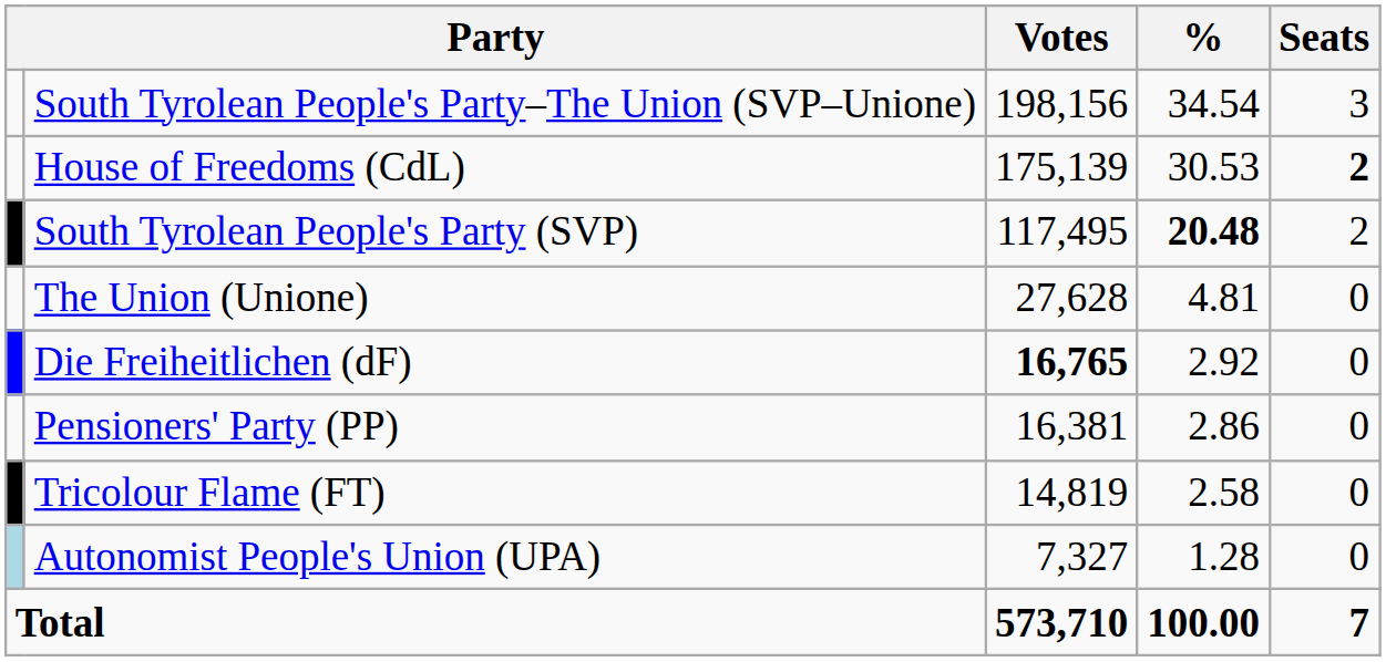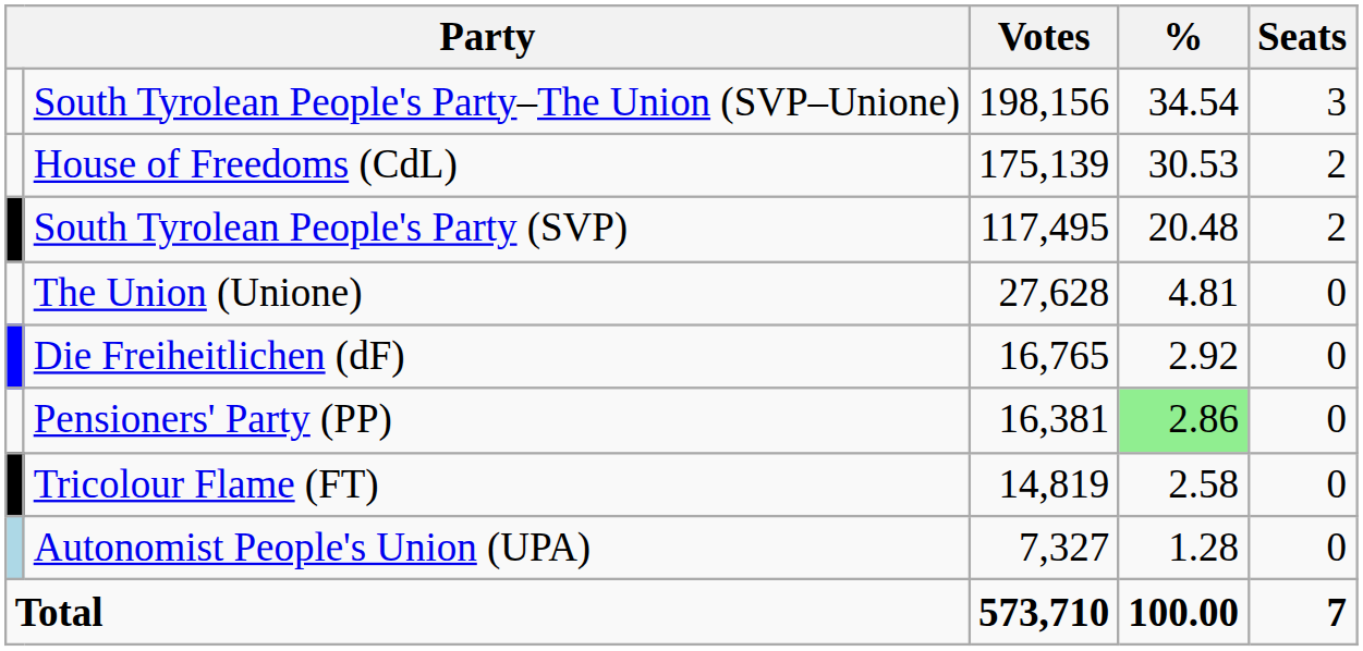 <table class=wikitable style="text-align:right">
 <tr>
 <th colspan=2>Party</th>
 <th>Votes</th>
 <th>%</th>
 <th>Seats</th>
 </tr>
 <tr>
 <td></td>
 <td align="left"><a href='#'>South Tyrolean People's Party</a>–<a href='#'>The Union</a> (SVP–Unione)</td>
 <td align="right">198,156</td>
 <td align="right">34.54</td>
 <td align="right">3</td>
 </tr>
 <tr>
 <td></td>
 <td align="left"><a href='#'>House of Freedoms</a> (CdL)</td>
 <td align="right">175,139</td>
 <td align="right">30.53</td>
-<td align="right"><strong>2</strong></td>
+<td align="right">2</td>
 </tr>
 <tr>
 <td bgcolor="black"></td>
 <td align="left"><a href='#'>South Tyrolean People's Party</a> (SVP)</td>
 <td align="right">117,495</td>
-<td align="right"><strong>20.48</strong></td>
+<td align="right">20.48</td>
 <td align="right">2</td>
 </tr>
 <tr>
 <td></td>
 <td align="left"><a href='#'>The Union</a> (Unione)</td>
 <td align="right">27,628</td>
 <td align="right">4.81</td>
 <td align="right">0</td>
 </tr>
 <tr>
 <td bgcolor="blue"></td>
 <td align="left"><a href='#'>Die Freiheitlichen</a> (dF)</td>
-<td align="right"><strong>16,765</strong></td>
+<td align="right">16,765</td>
 <td align="right">2.92</td>
 <td align="right">0</td>
 </tr>
 <tr>
 <td></td>
 <td align="left"><a href='#'>Pensioners' Party</a> (PP)</td>
 <td align="right">16,381</td>
-<td align="right">2.86</td>
+<td align="right" style="background: lightgreen;">2.86</td>
 <td align="right">0</td>
 </tr>
 <tr>
 <td bgcolor="black"></td>
 <td align="left"><a href='#'>Tricolour Flame</a> (FT)</td>
 <td align="right">14,819</td>
 <td align="right">2.58</td>
 <td align="right">0</td>
 </tr>
 <tr>
 <td bgcolor="lightblue"></td>
 <td align="left"><a href='#'>Autonomist People's Union</a> (UPA)</td>
 <td align="right">7,327</td>
 <td align="right">1.28</td>
 <td align="right">0</td>
 </tr>
 <tr>
 <td align="left" colspan=2><strong>Total</strong></td>
 <td align="right"><strong>573,710</strong></td>
 <td align="right"><strong>100.00</strong></td>
 <td align="right"><strong>7</strong></td>
 </tr>
 </table>
